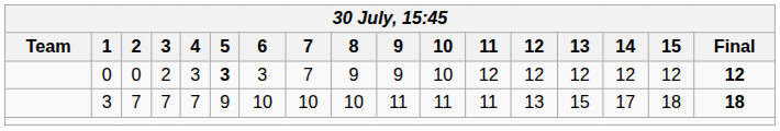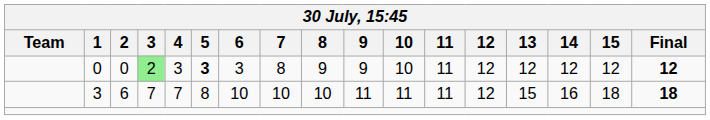 <table class=wikitable style="text-align:center; width: 55%">
 <tr>
 <th colspan=17><em>30 July, 15:45</em></th>
 </tr>
 <tr>
 <th>Team</th>
 <th>1</th>
 <th>2</th>
 <th>3</th>
 <th>4</th>
 <th>5</th>
 <th>6</th>
 <th>7</th>
 <th>8</th>
 <th>9</th>
 <th>10</th>
 <th>11</th>
 <th>12</th>
 <th>13</th>
 <th>14</th>
 <th>15</th>
 <th>Final</th>
 </tr>
 <tr>
 <td align=left></td>
 <td>0</td>
 <td>0</td>
-<td>2</td>
+<td style="background: lightgreen;">2</td>
 <td>3</td>
 <td><strong>3</strong></td>
 <td>3</td>
-<td>7</td>
+<td>8</td>
 <td>9</td>
 <td>9</td>
 <td>10</td>
-<td>12</td>
+<td>11</td>
 <td>12</td>
 <td>12</td>
 <td>12</td>
 <td>12</td>
 <td><strong>12</strong></td>
 </tr>
 <tr>
 <td align=left><strong></strong></td>
 <td>3</td>
+<td>6</td>
 <td>7</td>
 <td>7</td>
-<td>7</td>
-<td>9</td>
+<td>8</td>
 <td>10</td>
 <td>10</td>
 <td>10</td>
 <td>11</td>
 <td>11</td>
 <td>11</td>
-<td>13</td>
+<td>12</td>
 <td>15</td>
-<td>17</td>
+<td>16</td>
 <td>18</td>
 <td><strong>18</strong></td>
 </tr>
 <tr>
 <td colspan=17></td>
 </tr>
 </table>
